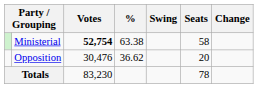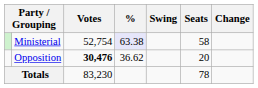 <table class="wikitable" style="text-align:right; margin-bottom:0">
 <tr>
 <th style="width:10px;" colspan=3>Party / Grouping</th>
 <th style="width:70px;">Votes</th>
 <th style="width:40px;">%</th>
 <th style="width:40px;">Swing</th>
 <th style="width:40px;">Seats</th>
 <th style="width:40px;">Change</th>
 </tr>
 <tr>
 <td style="text-align:left;background:#CEF2CE"> </td>
 <td style="text-align:left;" colspan="2"><a href='#'>Ministerial</a></td>
-<td style="width:70px;"><strong>52,754</strong></td>
-<td style="width:40px;">63.38</td>
+<td style="width:70px;">52,754</td>
+<td style="background: lavender; width:40px;">63.38</td>
 <td style="width:45px;"></td>
 <td style="width:40px;">58</td>
 <td style="width:55px;"></td>
 </tr>
 <tr>
 <td> </td>
 <td style="text-align:left;" colspan="2"><a href='#'>Opposition</a></td>
-<td style="width:70px;">30,476</td>
+<td style="width:70px;"><strong>30,476</strong></td>
 <td style="width:40px;">36.62</td>
 <td style="width:45px;"></td>
 <td style="width:40px;">20</td>
 <td style="width:55px;"></td>
 </tr>
 <tr>
 <th colspan="3"> Totals</th>
 <td>83,230</td>
 <td></td>
 <td></td>
 <td>78</td>
 <td></td>
 </tr>
 </table>
